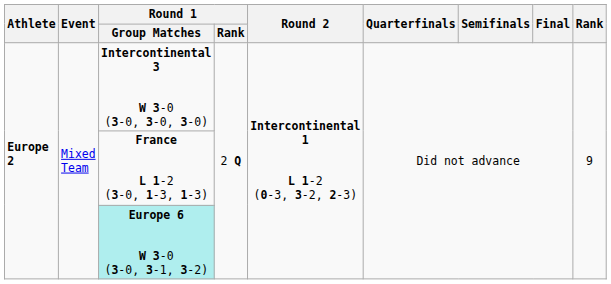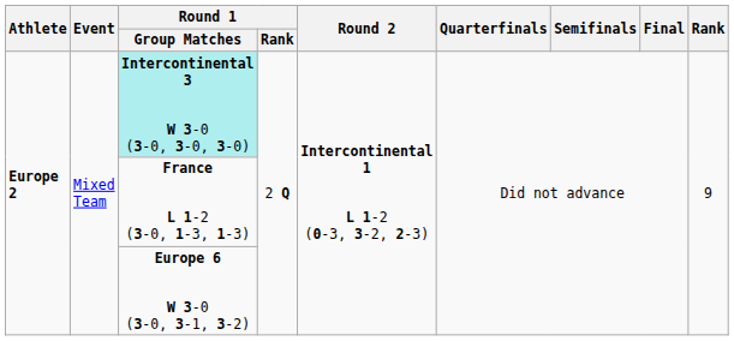 <table class="wikitable" border="1" style="font-size:90%">
 <tr>
 <th rowspan=2>Athlete</th>
 <th rowspan=2>Event</th>
 <th colspan=2>Round 1</th>
 <th rowspan=2>Round 2</th>
 <th rowspan=2>Quarterfinals</th>
 <th rowspan=2>Semifinals</th>
 <th rowspan=2>Final</th>
 <th rowspan=2>Rank</th>
 </tr>
 <tr>
 <th>Group Matches</th>
 <th>Rank</th>
 </tr>
 <tr>
 <td rowspan=3><strong>Europe 2</strong><br><br></td>
 <td rowspan=3><a href='#'>Mixed Team</a></td>
-<td align=center><strong>Intercontinental 3</strong><br><br><br> <strong>W</strong> <strong>3</strong>-0 <br> (<strong>3</strong>-0, <strong>3</strong>-0, <strong>3</strong>-0)</td>
+<td align=center style="background: paleturquoise;"><strong>Intercontinental 3</strong><br><br><br> <strong>W</strong> <strong>3</strong>-0 <br> (<strong>3</strong>-0, <strong>3</strong>-0, <strong>3</strong>-0)</td>
 <td rowspan=3 align=center>2 <strong>Q</strong></td>
 <td align=center rowspan=3><strong>Intercontinental 1</strong><br><br><br> <strong>L</strong> <strong>1</strong>-2 <br> (<strong>0</strong>-3, <strong>3</strong>-2, <strong>2</strong>-3)</td>
 <td rowspan=3 colspan=3 align=center>Did not advance</td>
 <td rowspan=3 align=center>9</td>
 </tr>
 <tr>
 <td align=center><strong>France</strong><br><br><br> <strong>L</strong> <strong>1</strong>-2 <br> (<strong>3</strong>-0, <strong>1</strong>-3, <strong>1</strong>-3)</td>
 </tr>
 <tr>
-<td align=center style="background: paleturquoise;"><strong>Europe 6</strong><br><br><br> <strong>W</strong> <strong>3</strong>-0 <br> (<strong>3</strong>-0, <strong>3</strong>-1, <strong>3</strong>-2)</td>
+<td align=center><strong>Europe 6</strong><br><br><br> <strong>W</strong> <strong>3</strong>-0 <br> (<strong>3</strong>-0, <strong>3</strong>-1, <strong>3</strong>-2)</td>
 </tr>
 </table>
